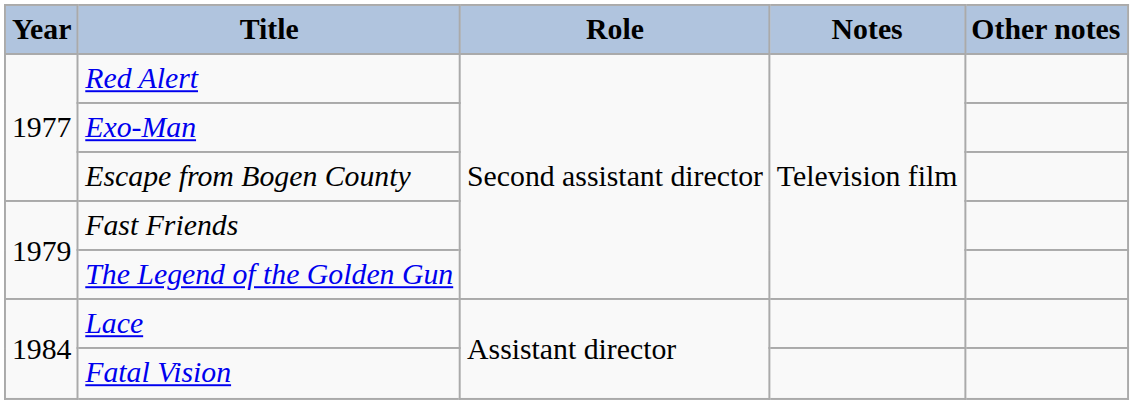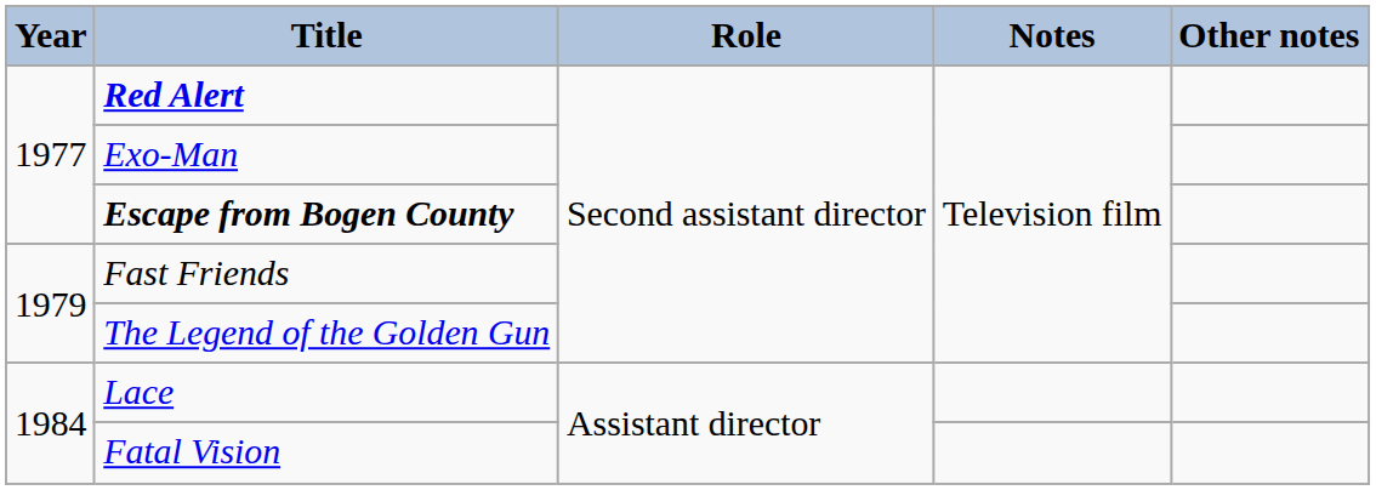 <table class="wikitable" style="font-size:95%;">
 <tr>
 <th style="background:#B0C4DE;">Year</th>
 <th style="background:#B0C4DE;">Title</th>
 <th style="background:#B0C4DE;">Role</th>
 <th style="background:#B0C4DE;">Notes</th>
 <th style="background:#B0C4DE;">Other notes</th>
 </tr>
 <tr>
 <td rowspan=3>1977</td>
-<td><em><a href='#'>Red Alert</a></em></td>
+<td><strong><em><a href='#'>Red Alert</a></em></strong></td>
 <td rowspan=5>Second assistant director</td>
 <td rowspan=5>Television film</td>
 <td></td>
 </tr>
 <tr>
 <td><em><a href='#'>Exo-Man</a></em></td>
 <td></td>
 </tr>
 <tr>
-<td><em>Escape from Bogen County</em></td>
+<td><strong><em>Escape from Bogen County</em></strong></td>
 <td></td>
 </tr>
 <tr>
 <td rowspan=2>1979</td>
 <td><em>Fast Friends</em></td>
 <td></td>
 </tr>
 <tr>
 <td><em><a href='#'>The Legend of the Golden Gun</a></em></td>
 <td></td>
 </tr>
 <tr>
 <td rowspan=2>1984</td>
 <td><em><a href='#'>Lace</a></em></td>
 <td rowspan=2>Assistant director</td>
 <td></td>
 <td></td>
 </tr>
 <tr>
 <td><em><a href='#'>Fatal Vision</a></em></td>
 <td></td>
 <td></td>
 </tr>
 </table>
